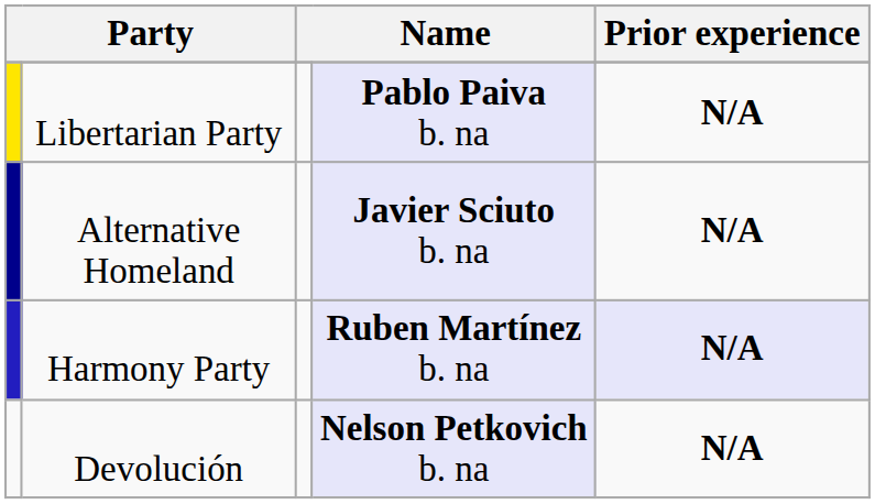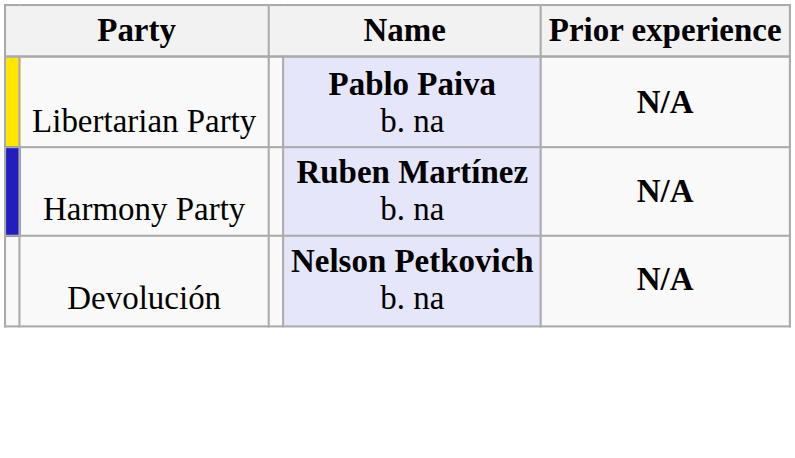 <table class="wikitable mw-collapsible mw-collapsed" style="text-align:center;">
 <tr>
 <th colspan="2">Party</th>
 <th colspan="2">Name<br></th>
 <th colspan="1">Prior experience</th>
 </tr>
 <tr>
 </tr>
 <tr>
 <td style="background:#FEE600"; "width:7px;"></td>
 <td style="width:113px;"><br>Libertarian Party</td>
 <td></td>
 <td style="background:lavender;" data-sort-value="Pablo Paiva"><strong>Pablo Paiva</strong><br>b. na</td>
 <td><strong>N/A</strong></td>
 </tr>
 <tr>
-<td style="background:darkblue"; "width:7px;"></td>
-<td style="width:113px;"><br>Alternative Homeland</td>
-<td></td>
-<td style="background:lavender;" data-sort-value="Javier Sciuto"><strong>Javier Sciuto</strong><br>b. na</td>
-<td><strong>N/A</strong></td>
-</tr>
-<tr>
 <td style="background:#221dbf"; "width:7px;"></td>
 <td style="width:113px;"><br>Harmony Party</td>
 <td></td>
 <td style="background:lavender;" data-sort-value="Ruben Martínez"><strong>Ruben Martínez</strong><br>b. na</td>
-<td style="background: lavender;"><strong>N/A</strong></td>
+<td><strong>N/A</strong></td>
 </tr>
 <tr>
 <td style="background:"></td>
 <td style="width:113px;"><br>Devolución</td>
 <td></td>
 <td style="background:lavender;" data-sort-value="Nelson Petkovich"><strong>Nelson Petkovich</strong><br>b. na</td>
 <td><strong>N/A</strong></td>
 </tr>
 </table>
